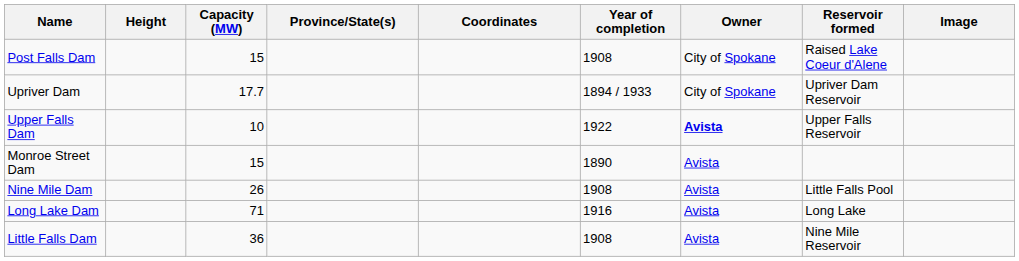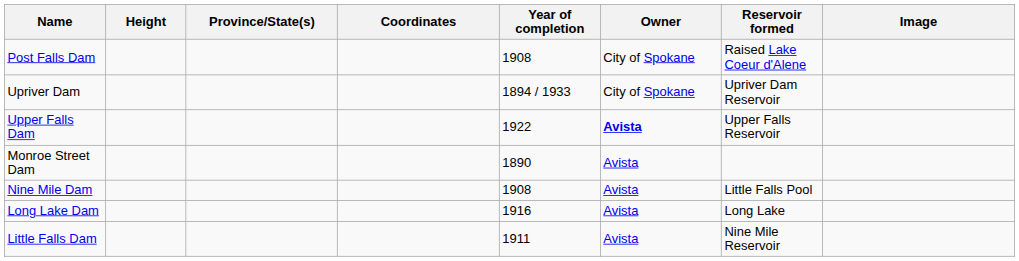 <table class="wikitable sortable" border="1">
 <tr>
 <th width="10%">Name</th>
 <th width="8%">Height</th>
-<th width="8%">Capacity (<a href='#'>MW</a>)</th>
 <th width="15%">Province/State(s)</th>
 <th width="16%">Coordinates</th>
 <th width="10%">Year of completion</th>
 <th width="12%">Owner</th>
 <th width="10%">Reservoir formed</th>
 <th>Image</th>
 </tr>
 <tr>
 <td><a href='#'>Post Falls Dam</a></td>
 <td></td>
-<td align="right">15</td>
 <td></td>
 <td></td>
 <td>1908</td>
 <td>City of <a href='#'>Spokane</a></td>
 <td>Raised <a href='#'>Lake Coeur d'Alene</a></td>
 <td><br></td>
 </tr>
 <tr>
 <td>Upriver Dam</td>
 <td></td>
-<td align="right">17.7</td>
 <td></td>
 <td></td>
 <td>1894 / 1933</td>
 <td>City of <a href='#'>Spokane</a></td>
 <td>Upriver Dam Reservoir</td>
 <td><br></td>
 </tr>
 <tr>
 <td><a href='#'>Upper Falls Dam</a></td>
 <td></td>
-<td align="right">10</td>
 <td></td>
 <td></td>
 <td>1922</td>
 <td><strong><a href='#'>Avista</a></strong></td>
 <td>Upper Falls Reservoir</td>
 <td><br></td>
 </tr>
 <tr>
 <td>Monroe Street Dam</td>
 <td></td>
-<td align="right">15</td>
 <td></td>
 <td></td>
 <td>1890</td>
 <td><a href='#'>Avista</a></td>
 <td></td>
 <td></td>
 </tr>
 <tr>
 <td><a href='#'>Nine Mile Dam</a></td>
 <td></td>
-<td align="right">26</td>
 <td></td>
 <td></td>
 <td>1908</td>
 <td><a href='#'>Avista</a></td>
 <td>Little Falls Pool</td>
 <td></td>
 </tr>
 <tr>
 <td><a href='#'>Long Lake Dam</a></td>
 <td></td>
-<td align="right">71</td>
 <td></td>
 <td></td>
 <td>1916</td>
 <td><a href='#'>Avista</a></td>
 <td>Long Lake</td>
 <td></td>
 </tr>
 <tr>
 <td><a href='#'>Little Falls Dam</a></td>
 <td></td>
-<td align="right">36</td>
 <td></td>
 <td></td>
-<td>1908</td>
+<td>1911</td>
 <td><a href='#'>Avista</a></td>
 <td>Nine Mile Reservoir</td>
 <td></td>
 </tr>
 </table>
